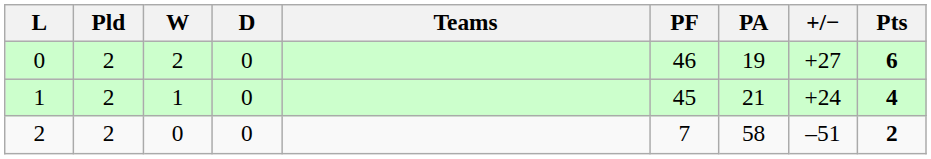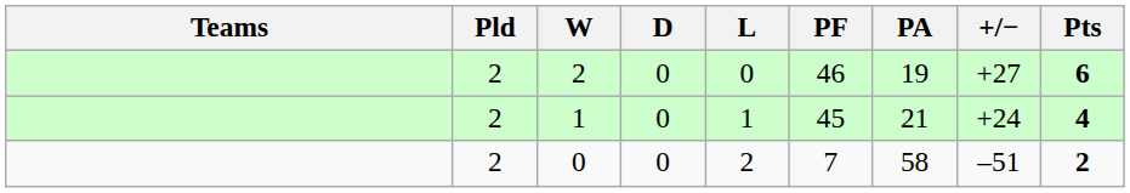 <table class="wikitable" style="text-align: center;">
 <tr>
-<th width="40">L</th>
+<th width="245">Teams</th>
 <th width="40">Pld</th>
 <th width="40">W</th>
 <th width="40">D</th>
-<th width="245">Teams</th>
+<th width="40">L</th>
 <th width="40">PF</th>
 <th width="40">PA</th>
 <th width="40">+/−</th>
 <th width="40">Pts</th>
 </tr>
 <tr bgcolor=ccffcc>
-<td>0</td>
+<td align=left></td>
 <td>2</td>
 <td>2</td>
 <td>0</td>
-<td align=left></td>
+<td>0</td>
 <td>46</td>
 <td>19</td>
 <td>+27</td>
 <td><strong>6</strong></td>
 </tr>
 <tr bgcolor=ccffcc>
-<td>1</td>
+<td align=left></td>
 <td>2</td>
 <td>1</td>
 <td>0</td>
-<td align=left></td>
+<td>1</td>
 <td>45</td>
 <td>21</td>
 <td>+24</td>
 <td><strong>4</strong></td>
 </tr>
 <tr>
-<td>2</td>
+<td align=left></td>
 <td>2</td>
 <td>0</td>
 <td>0</td>
-<td align=left></td>
+<td>2</td>
 <td>7</td>
 <td>58</td>
 <td>–51</td>
 <td><strong>2</strong></td>
 </tr>
 </table>
